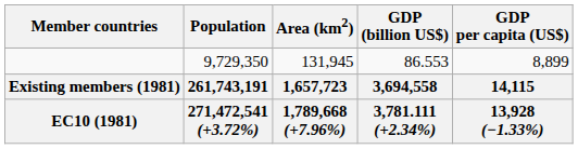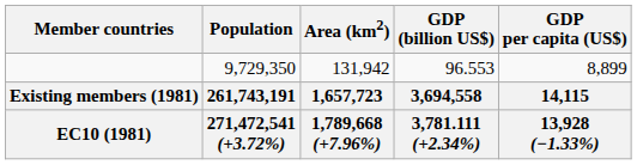 <table class="wikitable" style="text-align:right;">
 <tr>
 <th>Member countries</th>
 <th>Population</th>
 <th>Area (km<sup>2</sup>)</th>
 <th>GDP <br>(billion US$)</th>
 <th>GDP <br>per capita (US$)</th>
 </tr>
 <tr>
 <td style="text-align:left;"></td>
 <td>9,729,350</td>
-<td>131,945</td>
-<td>86.553</td>
+<td>131,942</td>
+<td>96.553</td>
 <td>8,899</td>
 </tr>
 <tr>
 <th>Existing members (1981)</th>
 <th>261,743,191</th>
 <th>1,657,723</th>
 <th>3,694,558</th>
 <th>14,115</th>
 </tr>
 <tr>
 <th>EC10 (1981)</th>
 <th>271,472,541 <br> <em>(+3.72%)</em></th>
 <th>1,789,668 <br> <em>(+7.96%)</em></th>
 <th>3,781.111 <br> <em>(+2.34%)</em></th>
 <th>13,928 <br> <em>(−1.33%)</em></th>
 </tr>
 </table>
